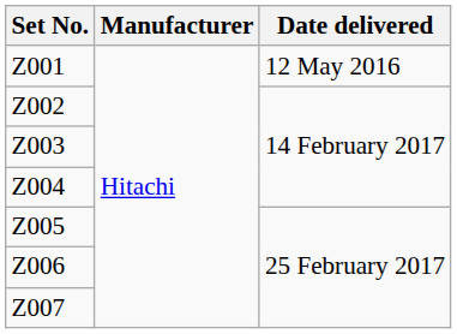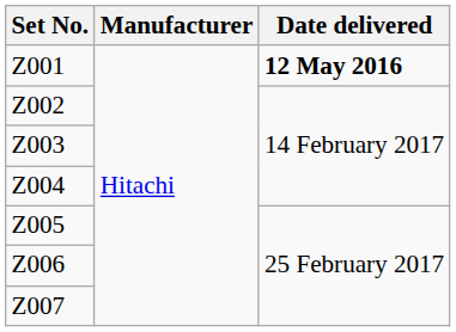 <table class="wikitable">
 <tr>
 <th>Set No.</th>
 <th>Manufacturer</th>
 <th>Date delivered</th>
 </tr>
 <tr>
 <td>Z001</td>
 <td rowspan="7"><a href='#'>Hitachi</a></td>
-<td>12 May 2016</td>
+<td><strong>12 May 2016</strong></td>
 </tr>
 <tr>
 <td>Z002</td>
 <td rowspan="3">14 February 2017</td>
 </tr>
 <tr>
 <td>Z003</td>
 </tr>
 <tr>
 <td>Z004</td>
 </tr>
 <tr>
 <td>Z005</td>
 <td rowspan="3">25 February 2017</td>
 </tr>
 <tr>
 <td>Z006</td>
 </tr>
 <tr>
 <td>Z007</td>
 </tr>
 </table>
